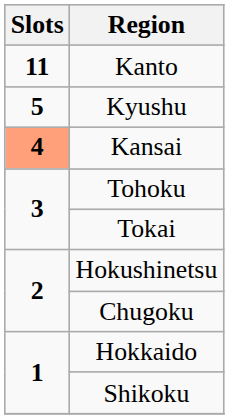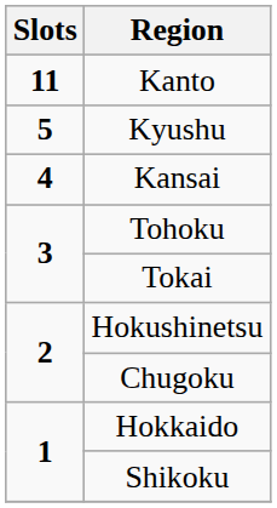 <table class="wikitable" style="text-align: center">
 <tr>
 <th>Slots</th>
 <th>Region</th>
 </tr>
 <tr>
 <td><strong>11</strong></td>
 <td>Kanto</td>
 </tr>
 <tr>
 <td><strong>5</strong></td>
 <td>Kyushu</td>
 </tr>
 <tr>
-<td style="background: lightsalmon;"><strong>4</strong></td>
+<td><strong>4</strong></td>
 <td>Kansai</td>
 </tr>
 <tr>
 <td rowspan="2"><strong>3</strong></td>
 <td>Tohoku</td>
 </tr>
 <tr>
 <td>Tokai</td>
 </tr>
 <tr>
 <td rowspan="2"><strong>2</strong></td>
 <td>Hokushinetsu</td>
 </tr>
 <tr>
 <td>Chugoku</td>
 </tr>
 <tr ->
 <td rowspan="2"><strong>1</strong></td>
 <td>Hokkaido</td>
 </tr>
 <tr>
 <td>Shikoku</td>
 </tr>
 <tr>
 </tr>
 </table>
